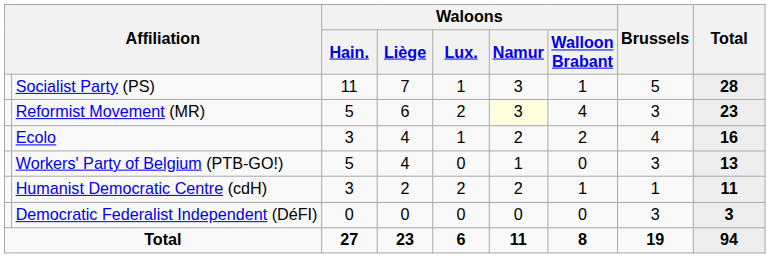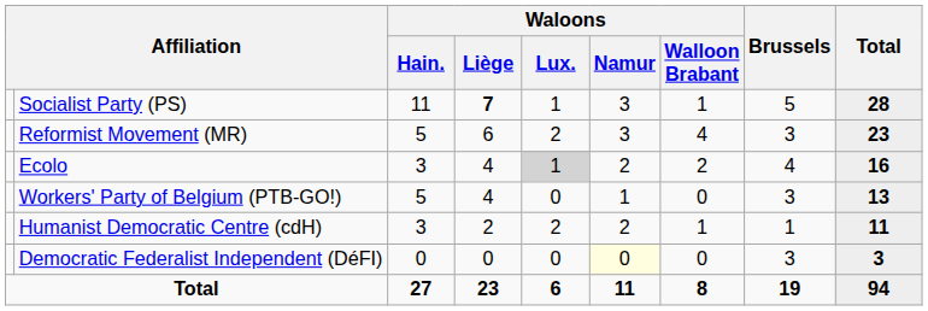 <table class="wikitable" style="text-align:center;">
 <tr>
 <th colspan="2" rowspan="2">Affiliation</th>
 <th colspan="5">Waloons</th>
 <th rowspan="2">Brussels</th>
 <th rowspan="2" style="width:4em;">Total</th>
 </tr>
 <tr>
 <th style="width:3em;"><a href='#'>Hain.</a></th>
 <th style="width:3em;"><a href='#'>Liège</a></th>
 <th style="width:3em;"><a href='#'>Lux.</a></th>
 <th style="width:3em;"><a href='#'>Namur</a></th>
 <th style="width:3em;"><a href='#'>Walloon Brabant</a></th>
 </tr>
 <tr>
 <td></td>
 <td style="text-align:left;"><a href='#'>Socialist Party</a> (PS)</td>
 <td>11</td>
-<td>7</td>
+<td><strong>7</strong></td>
 <td>1</td>
 <td>3</td>
 <td>1</td>
 <td>5</td>
 <td style="background-color:#EEEEEE"><strong>28</strong></td>
 </tr>
 <tr>
 <td></td>
 <td style="text-align:left;"><a href='#'>Reformist Movement</a> (MR)</td>
 <td>5</td>
 <td>6</td>
 <td>2</td>
-<td style="background: lightyellow;">3</td>
+<td>3</td>
 <td>4</td>
 <td>3</td>
 <td style="background-color:#EEEEEE"><strong>23</strong></td>
 </tr>
 <tr>
 <td></td>
 <td style="text-align:left;"><a href='#'>Ecolo</a></td>
 <td>3</td>
 <td>4</td>
-<td>1</td>
+<td style="background: lightgrey;">1</td>
 <td>2</td>
 <td>2</td>
 <td>4</td>
 <td style="background-color:#EEEEEE"><strong>16</strong></td>
 </tr>
 <tr>
 <td></td>
 <td style="text-align:left;"><a href='#'>Workers' Party of Belgium</a> (PTB-GO!)</td>
 <td>5</td>
 <td>4</td>
 <td>0</td>
 <td>1</td>
 <td>0</td>
 <td>3</td>
 <td style="background-color:#EEEEEE"><strong>13</strong></td>
 </tr>
 <tr>
 <td></td>
 <td style="text-align:left;"><a href='#'>Humanist Democratic Centre</a> (cdH)</td>
 <td>3</td>
 <td>2</td>
 <td>2</td>
 <td>2</td>
 <td>1</td>
 <td>1</td>
 <td style="background-color:#EEEEEE"><strong>11</strong></td>
 </tr>
 <tr>
 <td></td>
 <td style="text-align:left;"><a href='#'>Democratic Federalist Independent</a> (DéFI)</td>
 <td>0</td>
 <td>0</td>
 <td>0</td>
-<td>0</td>
+<td style="background: lightyellow;">0</td>
 <td>0</td>
 <td>3</td>
 <td style="background-color:#EEEEEE"><strong>3</strong></td>
 </tr>
 <tr style="font-weight:bold;">
 <td colspan="2">Total</td>
 <td>27</td>
 <td>23</td>
 <td>6</td>
 <td>11</td>
 <td>8</td>
 <td>19</td>
 <td style="background-color:#EEEEEE">94</td>
 </tr>
 </table>
